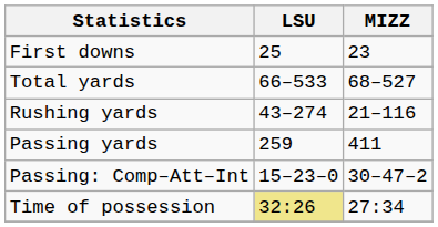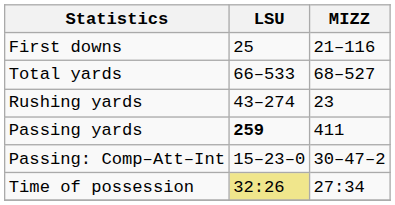 <table class="wikitable" style="float: left;">
 <tr>
 <th>Statistics</th>
 <th>LSU</th>
 <th>MIZZ</th>
 </tr>
 <tr>
 <td>First downs</td>
 <td>25</td>
-<td>23</td>
+<td>21–116</td>
 </tr>
 <tr>
 <td>Total yards</td>
 <td>66–533</td>
 <td>68–527</td>
 </tr>
 <tr>
 <td>Rushing yards</td>
 <td>43–274</td>
-<td>21–116</td>
+<td>23</td>
 </tr>
 <tr>
 <td>Passing yards</td>
-<td>259</td>
+<td><strong>259</strong></td>
 <td>411</td>
 </tr>
 <tr>
 <td>Passing: Comp–Att–Int</td>
 <td>15–23–0</td>
 <td>30–47–2</td>
 </tr>
 <tr>
 <td>Time of possession</td>
 <td style="background: khaki;">32:26</td>
 <td>27:34</td>
 </tr>
 <tr>
 </tr>
 </table>
